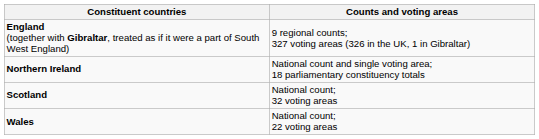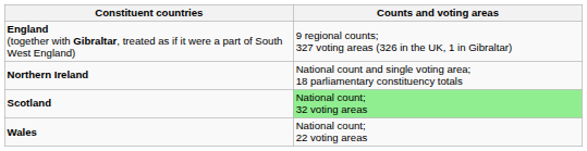 <table class="wikitable" style="width:70%;">
 <tr>
 <th width=35%>Constituent countries</th>
 <th width=35%>Counts and voting areas</th>
 </tr>
 <tr>
 <td><strong>England</strong> <br>(together with <strong>Gibraltar</strong>, treated as if it were a part of South West England)</td>
 <td>9 regional counts;<br>327 voting areas (326 in the UK, 1 in Gibraltar)</td>
 </tr>
 <tr>
 <td><strong>Northern Ireland</strong></td>
 <td>National count and single voting area;<br>18 parliamentary constituency totals</td>
 </tr>
 <tr>
 <td><strong>Scotland</strong></td>
-<td>National count;<br>32 voting areas</td>
+<td style="background: lightgreen;">National count;<br>32 voting areas</td>
 </tr>
 <tr>
 <td><strong>Wales</strong></td>
 <td>National count;<br>22 voting areas</td>
 </tr>
 </table>
